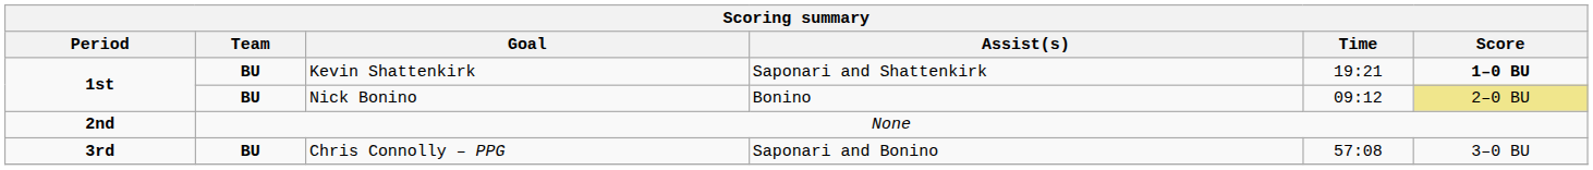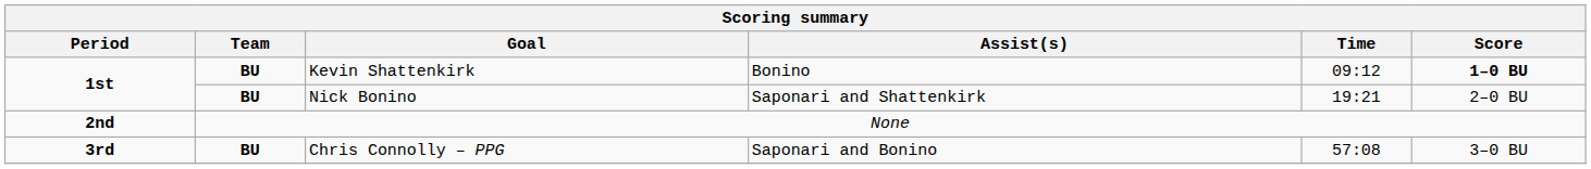 <table style="width:100%;" class="wikitable">
 <tr>
 <th colspan=6>Scoring summary</th>
 </tr>
 <tr>
 <th style="width:12%;">Period</th>
 <th style="width:7%;">Team</th>
 <th style="width:28%;">Goal</th>
 <th style="width:35%;">Assist(s)</th>
 <th style="width:7%;">Time</th>
 <th style="width:11%;">Score</th>
 </tr>
 <tr>
 <td style="text-align:center;" rowspan="2"><strong>1st</strong></td>
 <td align=center><strong>BU</strong></td>
 <td>Kevin Shattenkirk</td>
-<td>Saponari and Shattenkirk</td>
-<td align=center>19:21</td>
+<td>Bonino</td>
+<td align=center>09:12</td>
 <td align=center><strong>1–0 BU</strong></td>
 </tr>
 <tr>
 <td align=center><strong>BU</strong></td>
 <td>Nick Bonino</td>
-<td>Bonino</td>
-<td align=center>09:12</td>
-<td align=center style="background: khaki;">2–0 BU</td>
+<td>Saponari and Shattenkirk</td>
+<td align=center>19:21</td>
+<td align=center>2–0 BU</td>
 </tr>
 <tr>
 <td style="text-align:center;" rowspan="1"><strong>2nd</strong></td>
 <td style="text-align:center;" colspan="5"><em>None</em></td>
 </tr>
 <tr>
 <td style="text-align:center;" rowspan="1"><strong>3rd</strong></td>
 <td align=center><strong>BU</strong></td>
 <td>Chris Connolly – <em>PPG</em></td>
 <td>Saponari and Bonino</td>
 <td align=center>57:08</td>
 <td align=center>3–0 BU</td>
 </tr>
 <tr>
 </tr>
 </table>
